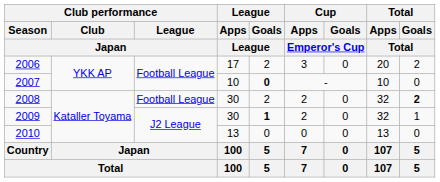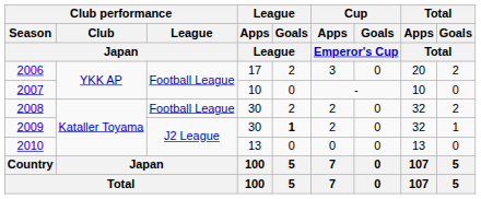 <table class="wikitable" style="text-align:center;">
 <tr>
 <th colspan=3>Club performance</th>
 <th colspan=2>League</th>
 <th colspan=2>Cup</th>
 <th colspan=2>Total</th>
 </tr>
 <tr>
 <th>Season</th>
 <th>Club</th>
 <th>League</th>
 <th>Apps</th>
 <th>Goals</th>
 <th>Apps</th>
 <th>Goals</th>
 <th>Apps</th>
 <th>Goals</th>
 </tr>
 <tr>
 <th colspan=3>Japan</th>
 <th colspan=2>League</th>
 <th colspan=2><a href='#'>Emperor's Cup</a></th>
 <th colspan=2>Total</th>
 </tr>
 <tr>
 <td><a href='#'>2006</a></td>
 <td rowspan="2"><a href='#'>YKK AP</a></td>
 <td rowspan="2"><a href='#'>Football League</a></td>
 <td>17</td>
 <td>2</td>
 <td>3</td>
 <td>0</td>
 <td>20</td>
 <td>2</td>
 </tr>
 <tr>
 <td><a href='#'>2007</a></td>
 <td>10</td>
-<td><strong>0</strong></td>
+<td>0</td>
 <td colspan="2">-</td>
 <td>10</td>
 <td>0</td>
 </tr>
 <tr>
 <td><a href='#'>2008</a></td>
 <td rowspan="3"><a href='#'>Kataller Toyama</a></td>
 <td><a href='#'>Football League</a></td>
 <td>30</td>
 <td>2</td>
 <td>2</td>
 <td>0</td>
 <td>32</td>
-<td><strong>2</strong></td>
+<td>2</td>
 </tr>
 <tr>
 <td><a href='#'>2009</a></td>
 <td rowspan="2"><a href='#'>J2 League</a></td>
 <td>30</td>
 <td><strong>1</strong></td>
 <td>2</td>
 <td>0</td>
 <td>32</td>
 <td>1</td>
 </tr>
 <tr>
 <td><a href='#'>2010</a></td>
 <td>13</td>
 <td>0</td>
 <td>0</td>
 <td>0</td>
 <td>13</td>
 <td>0</td>
 </tr>
 <tr>
 <th rowspan=1>Country</th>
 <th colspan=2>Japan</th>
 <th>100</th>
 <th>5</th>
 <th>7</th>
 <th>0</th>
 <th>107</th>
 <th>5</th>
 </tr>
 <tr>
 <th colspan=3>Total</th>
 <th>100</th>
 <th>5</th>
 <th>7</th>
 <th>0</th>
 <th>107</th>
 <th>5</th>
 </tr>
 </table>
